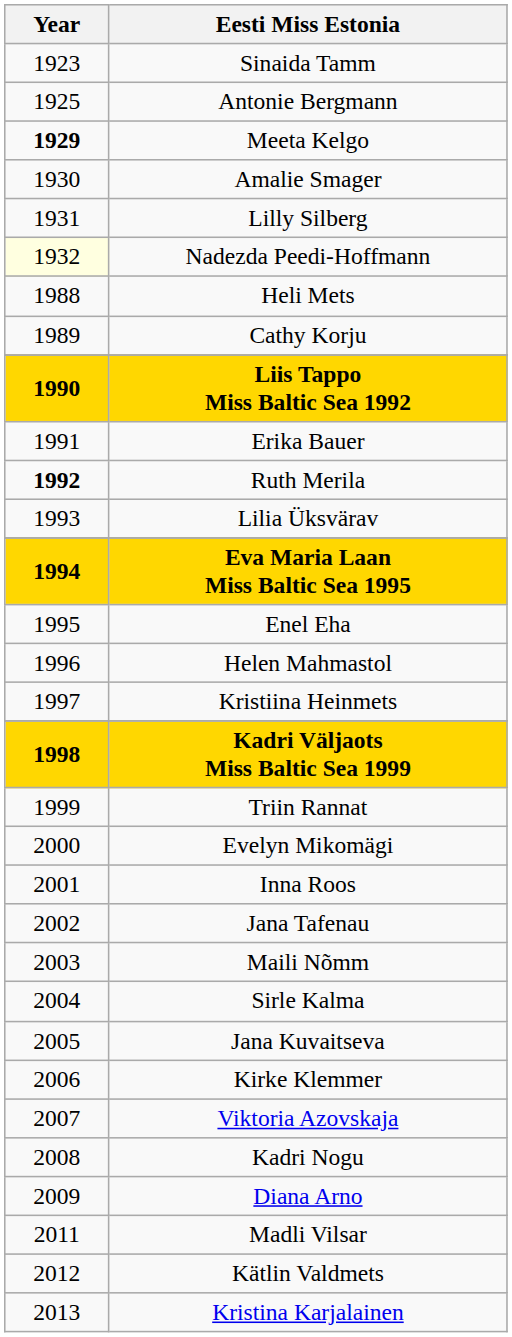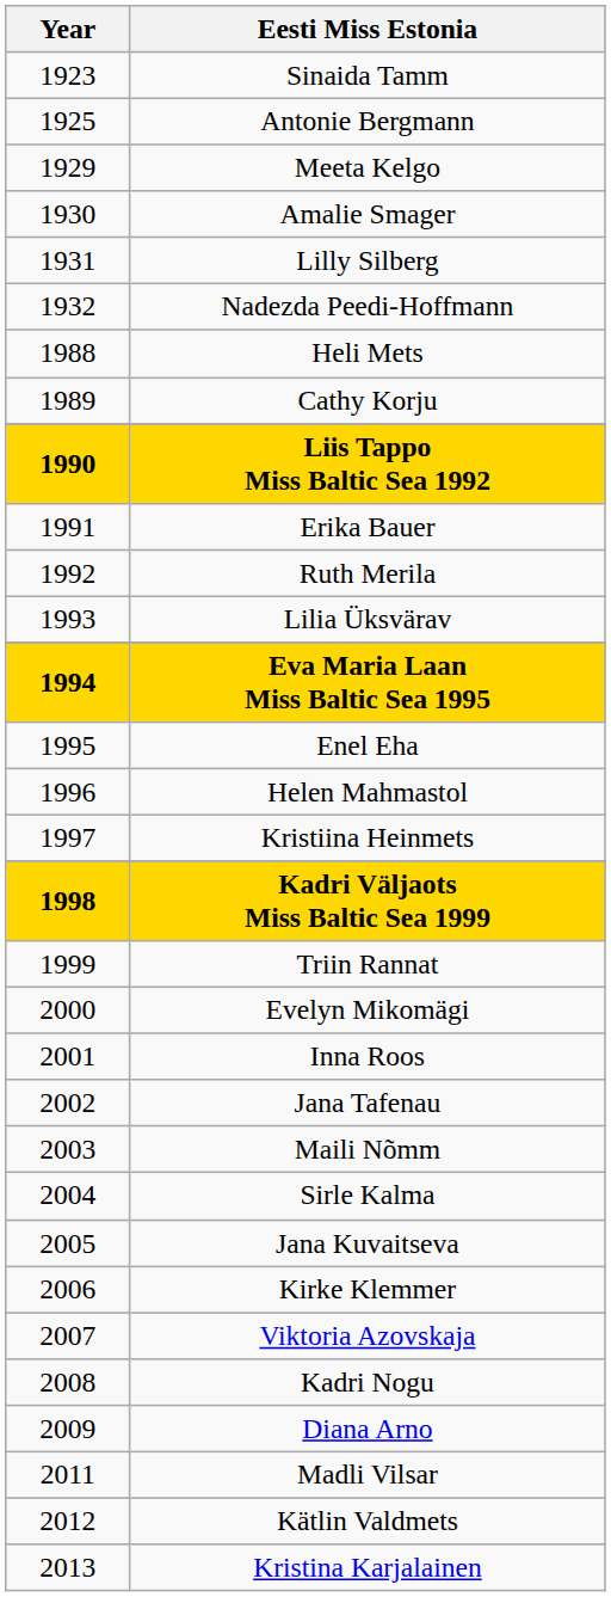 <table class="wikitable sortable" style="font-size: 95%; text-align:center">
 <tr>
 <th width="60">Year</th>
 <th width="250">Eesti Miss Estonia</th>
 </tr>
 <tr>
 <td>1923</td>
 <td>Sinaida Tamm</td>
 </tr>
 <tr>
 <td>1925</td>
 <td>Antonie Bergmann</td>
 </tr>
 <tr>
-<td><strong>1929</strong></td>
+<td>1929</td>
 <td>Meeta Kelgo</td>
 </tr>
 <tr>
 <td>1930</td>
 <td>Amalie Smager</td>
 </tr>
 <tr>
 <td>1931</td>
 <td>Lilly Silberg</td>
 </tr>
 <tr>
-<td style="background: lightyellow;">1932</td>
+<td>1932</td>
 <td>Nadezda Peedi-Hoffmann</td>
 </tr>
 <tr>
 <td>1988</td>
 <td>Heli Mets</td>
 </tr>
 <tr>
 <td>1989</td>
 <td>Cathy Korju</td>
 </tr>
 <tr>
 </tr>
 <tr style="background-color:gold; font-weight: bold ">
 <td>1990</td>
 <td>Liis Tappo<br>Miss Baltic Sea 1992</td>
 </tr>
 <tr>
 <td>1991</td>
 <td>Erika Bauer</td>
 </tr>
 <tr>
-<td><strong>1992</strong></td>
+<td>1992</td>
 <td>Ruth Merila</td>
 </tr>
 <tr>
 <td>1993</td>
 <td>Lilia Üksvärav</td>
 </tr>
 <tr>
 </tr>
 <tr style="background-color:gold; font-weight: bold ">
 <td>1994</td>
 <td>Eva Maria Laan<br>Miss Baltic Sea 1995</td>
 </tr>
 <tr>
 <td>1995</td>
 <td>Enel Eha</td>
 </tr>
 <tr>
 <td>1996</td>
 <td>Helen Mahmastol</td>
 </tr>
 <tr>
 <td>1997</td>
 <td>Kristiina Heinmets</td>
 </tr>
 <tr>
 </tr>
 <tr style="background-color:gold; font-weight: bold ">
 <td>1998</td>
 <td>Kadri Väljaots<br>Miss Baltic Sea 1999</td>
 </tr>
 <tr>
 <td>1999</td>
 <td>Triin Rannat</td>
 </tr>
 <tr>
 <td>2000</td>
 <td>Evelyn Mikomägi</td>
 </tr>
 <tr>
 <td>2001</td>
 <td>Inna Roos</td>
 </tr>
 <tr>
 <td>2002</td>
 <td>Jana Tafenau</td>
 </tr>
 <tr>
 <td>2003</td>
 <td>Maili Nõmm</td>
 </tr>
 <tr>
 <td>2004</td>
 <td>Sirle Kalma</td>
 </tr>
 <tr>
 <td>2005</td>
 <td>Jana Kuvaitseva</td>
 </tr>
 <tr>
 <td>2006</td>
 <td>Kirke Klemmer</td>
 </tr>
 <tr>
 <td>2007</td>
 <td><a href='#'>Viktoria Azovskaja</a></td>
 </tr>
 <tr>
 <td>2008</td>
 <td>Kadri Nogu</td>
 </tr>
 <tr>
 <td>2009</td>
 <td><a href='#'>Diana Arno</a></td>
 </tr>
 <tr>
 <td>2011</td>
 <td>Madli Vilsar</td>
 </tr>
 <tr>
 <td>2012</td>
 <td>Kätlin Valdmets</td>
 </tr>
 <tr>
 <td>2013</td>
 <td><a href='#'>Kristina Karjalainen</a></td>
 </tr>
 </table>
